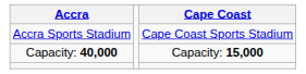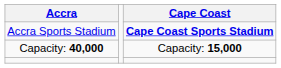 <table class="wikitable" style="text-align:center;margin: 1em auto;">
 <tr>
 <th><a href='#'>Accra</a></th>
 <td rowspan="4"></td>
 <th><a href='#'>Cape Coast</a></th>
 </tr>
 <tr>
 <td><a href='#'>Accra Sports Stadium</a></td>
-<td><a href='#'>Cape Coast Sports Stadium</a></td>
+<td><strong><a href='#'>Cape Coast Sports Stadium</a></strong></td>
 </tr>
 <tr>
 <td>Capacity: <strong>40,000</strong></td>
 <td>Capacity: <strong>15,000</strong></td>
 </tr>
 <tr>
 <td></td>
 <td></td>
 </tr>
 </table>
